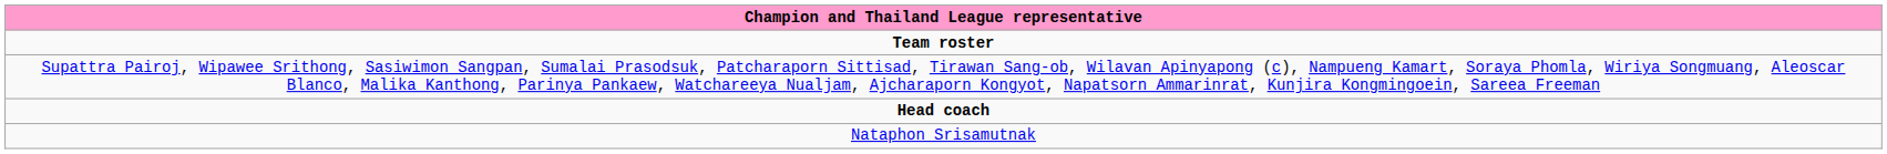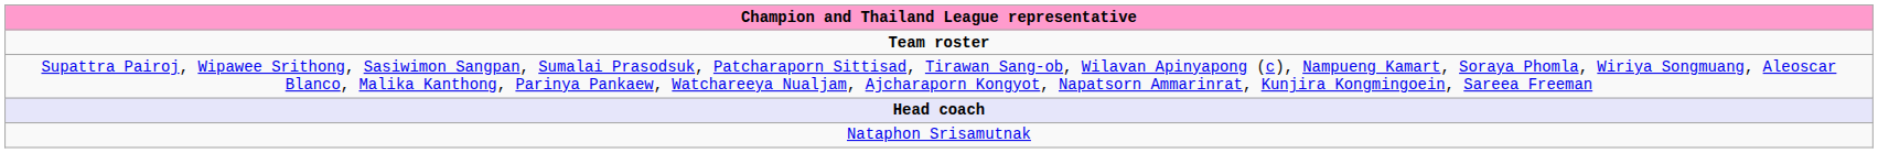 <table class="wikitable" style="text-align: center; margin:0.5em auto;">
 <tr>
 <th style=background:#ff9bcd><span>Champion and Thailand League representative</span></th>
 </tr>
 <tr>
 <td><strong>Team roster</strong></td>
 </tr>
 <tr>
 <td><a href='#'>Supattra Pairoj</a>, <a href='#'>Wipawee Srithong</a>, <a href='#'>Sasiwimon Sangpan</a>, <a href='#'>Sumalai Prasodsuk</a>, <a href='#'>Patcharaporn Sittisad</a>, <a href='#'>Tirawan Sang-ob</a>, <a href='#'>Wilavan Apinyapong</a> (<a href='#'>c</a>), <a href='#'>Nampueng Kamart</a>, <a href='#'>Soraya Phomla</a>, <a href='#'>Wiriya Songmuang</a>, <a href='#'>Aleoscar Blanco</a>, <a href='#'>Malika Kanthong</a>, <a href='#'>Parinya Pankaew</a>, <a href='#'>Watchareeya Nualjam</a>, <a href='#'>Ajcharaporn Kongyot</a>, <a href='#'>Napatsorn Ammarinrat</a>, <a href='#'>Kunjira Kongmingoein</a>, <a href='#'>Sareea Freeman</a></td>
 </tr>
 <tr>
-<td><strong>Head coach</strong></td>
+<td style="background: lavender;"><strong>Head coach</strong></td>
 </tr>
 <tr>
 <td><a href='#'>Nataphon Srisamutnak</a></td>
 </tr>
 </table>
